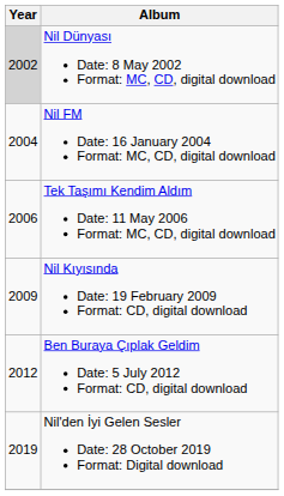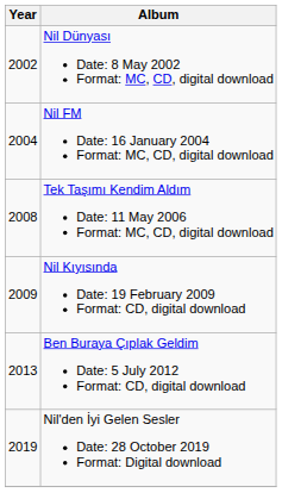 <table class="wikitable">
 <tr>
 <th>Year</th>
 <th>Album</th>
 </tr>
 <tr>
-<td style="background: lightgrey;">2002</td>
+<td>2002</td>
 <td><a href='#'>Nil Dünyası</a><br><ul><li>Date: 8 May 2002</li><li>Format: <a href='#'>MC</a>, <a href='#'>CD</a>, digital download</li></ul></td>
 </tr>
 <tr>
 <td>2004</td>
 <td><a href='#'>Nil FM</a><br><ul><li>Date: 16 January 2004</li><li>Format: MC, CD, digital download</li></ul></td>
 </tr>
 <tr>
-<td>2006</td>
+<td>2008</td>
 <td><a href='#'>Tek Taşımı Kendim Aldım</a><br><ul><li>Date: 11 May 2006</li><li>Format: MC, CD, digital download</li></ul></td>
 </tr>
 <tr>
 <td>2009</td>
 <td><a href='#'>Nil Kıyısında</a><br><ul><li>Date: 19 February 2009</li><li>Format: CD, digital download</li></ul></td>
 </tr>
 <tr>
-<td>2012</td>
+<td>2013</td>
 <td><a href='#'>Ben Buraya Çıplak Geldim</a><br><ul><li>Date: 5 July 2012</li><li>Format: CD, digital download</li></ul></td>
 </tr>
 <tr>
 <td>2019</td>
 <td>Nil'den İyi Gelen Sesler<br><ul><li>Date: 28 October 2019</li><li>Format: Digital download</li></ul></td>
 </tr>
 <tr>
 </tr>
 </table>
